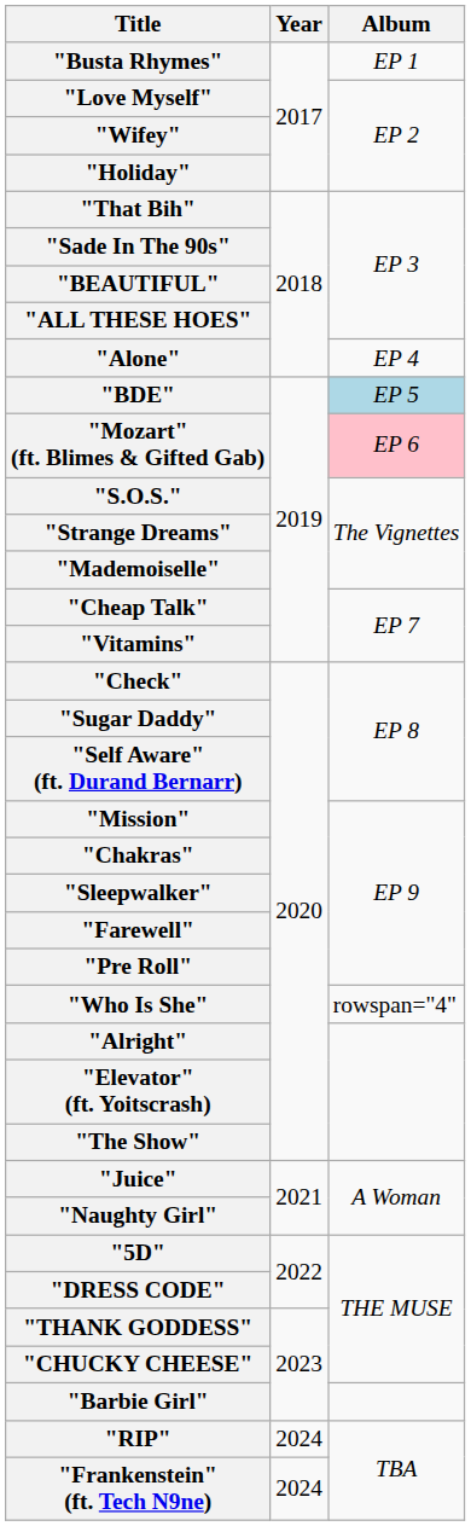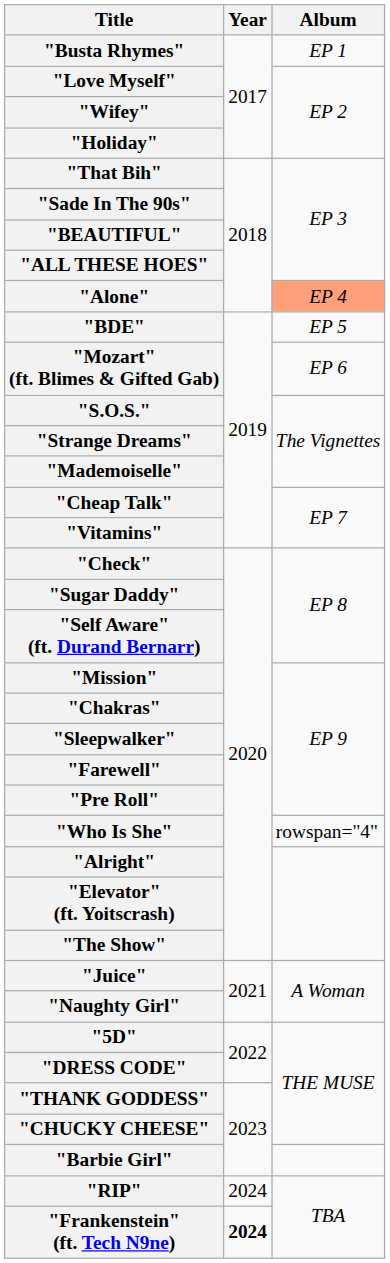 <table class="wikitable plainrowheaders">
 <tr>
 <th>Title</th>
 <th>Year</th>
 <th>Album</th>
 </tr>
 <tr>
 <th scope="row">"Busta Rhymes"</th>
 <td rowspan="4">2017</td>
 <td align = "center"><em>EP 1</em></td>
 </tr>
 <tr>
 <th scope="row">"Love Myself"</th>
 <td rowspan="3" align="center"><em>EP 2</em></td>
 </tr>
 <tr>
 <th scope="row">"Wifey"</th>
 </tr>
 <tr>
 <th scope="row">"Holiday"</th>
 </tr>
 <tr>
 <th scope="row">"That Bih"</th>
 <td rowspan="5">2018</td>
 <td rowspan="4" align="center"><em>EP 3</em></td>
 </tr>
 <tr>
 <th scope="row">"Sade In The 90s"</th>
 </tr>
 <tr>
 <th scope="row">"BEAUTIFUL"</th>
 </tr>
 <tr>
 <th scope="row">"ALL THESE HOES"</th>
 </tr>
 <tr>
 <th scope="row">"Alone"</th>
-<td align="center"><em>EP 4</em></td>
+<td align="center" style="background: lightsalmon;"><em>EP 4</em></td>
 </tr>
 <tr>
 <th scope="row">"BDE"</th>
 <td rowspan="7">2019</td>
-<td align = "center" style="background: lightblue;"><em>EP 5</em></td>
+<td align = "center"><em>EP 5</em></td>
 </tr>
 <tr>
 <th scope="row">"Mozart" <br><span>(ft. Blimes & Gifted Gab)</span></th>
-<td align="center" style="background: pink;"><em>EP 6</em></td>
+<td align="center"><em>EP 6</em></td>
 </tr>
 <tr>
 <th scope="row">"S.O.S."</th>
 <td rowspan="3" align="center"><em>The Vignettes</em></td>
 </tr>
 <tr>
 <th scope="row">"Strange Dreams"</th>
 </tr>
 <tr>
 <th scope="row">"Mademoiselle"</th>
 </tr>
 <tr>
 <th scope="row">"Cheap Talk"</th>
 <td rowspan="2" align="center"><em>EP 7</em></td>
 </tr>
 <tr>
 <th scope="row">"Vitamins"</th>
 </tr>
 <tr>
 <th scope="row">"Check"</th>
 <td rowspan="12">2020</td>
 <td rowspan="3" align="center"><em>EP 8</em></td>
 </tr>
 <tr>
 <th scope="row">"Sugar Daddy"</th>
 </tr>
 <tr>
 <th scope="row">"Self Aware" <br><span>(ft. <a href='#'>Durand Bernarr</a>)</span></th>
 </tr>
 <tr>
 <th scope="row">"Mission"</th>
 <td rowspan="5" align="center"><em>EP 9</em></td>
 </tr>
 <tr>
 <th scope="row">"Chakras"</th>
 </tr>
 <tr>
 <th scope="row">"Sleepwalker"</th>
 </tr>
 <tr>
 <th scope="row">"Farewell"</th>
 </tr>
 <tr>
 <th scope="row">"Pre Roll"</th>
 </tr>
 <tr>
 <th scope="row">"Who Is She"</th>
 <td>rowspan="4" </td>
 </tr>
 <tr>
 <th scope="row">"Alright"</th>
 </tr>
 <tr>
 <th scope="row">"Elevator" <br><span>(ft. Yoitscrash)</span></th>
 </tr>
 <tr>
 <th scope="row">"The Show"</th>
 </tr>
 <tr>
 <th scope="row">"Juice"</th>
 <td rowspan="2">2021</td>
 <td rowspan="2" align="center"><em>A Woman</em></td>
 </tr>
 <tr>
 <th scope="row">"Naughty Girl"</th>
 </tr>
 <tr>
 <th scope="row">"5D"</th>
 <td rowspan="2">2022</td>
 <td rowspan="4" align="center"><em>THE MUSE</em></td>
 </tr>
 <tr>
 <th scope="row">"DRESS CODE"</th>
 </tr>
 <tr>
 <th scope="row">"THANK GODDESS"</th>
 <td rowspan="3">2023</td>
 </tr>
 <tr>
 <th scope="row">"CHUCKY CHEESE"</th>
 </tr>
 <tr>
 <th scope="row">"Barbie Girl"</th>
 <td></td>
 </tr>
 <tr>
 <th scope="row">"RIP"</th>
 <td>2024</td>
 <td rowspan="4" align="center"><em>TBA</em></td>
 </tr>
 <tr>
 <th scope="row">"Frankenstein" <br><span>(ft. <a href='#'>Tech N9ne</a>)</span></th>
-<td>2024</td>
+<td><strong>2024</strong></td>
 </tr>
 </table>
